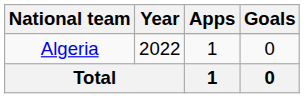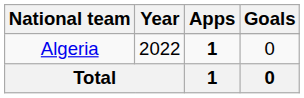 <table class="wikitable" style="text-align:center">
 <tr>
 <th>National team</th>
 <th>Year</th>
 <th>Apps</th>
 <th>Goals</th>
 </tr>
 <tr>
 <td rowspan=2><a href='#'>Algeria</a></td>
 </tr>
 <tr>
 <td>2022</td>
-<td>1</td>
+<td><strong>1</strong></td>
 <td>0</td>
 </tr>
 <tr>
 <th colspan="2">Total</th>
 <th>1</th>
 <th>0</th>
 </tr>
 </table>
